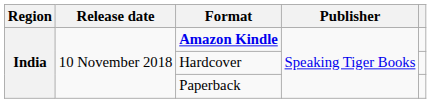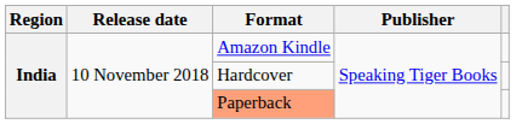 <table class="wikitable sortable plainrowheaders">
 <tr>
 <th scope="col">Region</th>
 <th scope="col">Release date</th>
 <th scope="col">Format</th>
 <th scope="col">Publisher</th>
 <th scope="col"></th>
 </tr>
 <tr>
 <th scope="row" rowspan="3">India</th>
 <td rowspan="3">10 November 2018</td>
-<td><strong><a href='#'>Amazon Kindle</a></strong></td>
+<td><a href='#'>Amazon Kindle</a></td>
 <td rowspan="3"><a href='#'>Speaking Tiger Books</a></td>
 <td style="text-align: center;"></td>
 </tr>
 <tr>
 <td>Hardcover</td>
 <td style="text-align: center;"></td>
 </tr>
 <tr>
-<td>Paperback</td>
+<td style="background: lightsalmon;">Paperback</td>
 <td style="text-align: center;"></td>
 </tr>
 </table>
